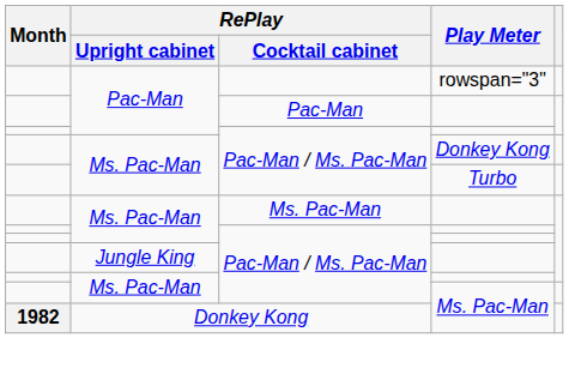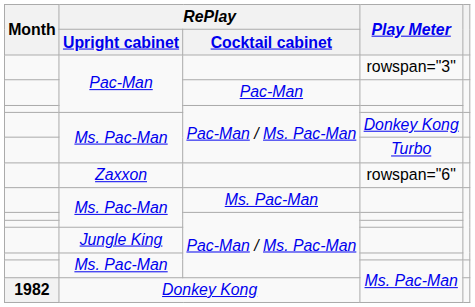 <table class="wikitable sortable" style="text-align:center">
 <tr>
 <th rowspan="2">Month</th>
 <th colspan="2"><em>RePlay</em></th>
 <th rowspan="2"><em><a href='#'>Play Meter</a></em></th>
 <th rowspan="2" class="unsortable"></th>
 </tr>
 <tr>
 <th><a href='#'>Upright cabinet</a></th>
 <th><a href='#'>Cocktail cabinet</a></th>
 </tr>
 <tr>
 <td></td>
 <td rowspan="3"><em><a href='#'>Pac-Man</a></em></td>
 <td></td>
 <td>rowspan="3" </td>
 <td></td>
 </tr>
 <tr>
 <td></td>
 <td><em><a href='#'>Pac-Man</a></em></td>
 <td></td>
 </tr>
 <tr>
 <td></td>
 <td rowspan="3"><em><a href='#'>Pac-Man</a> / <a href='#'>Ms. Pac-Man</a></em></td>
 <td></td>
 </tr>
 <tr>
 <td></td>
 <td rowspan="2"><em><a href='#'>Ms. Pac-Man</a></em></td>
 <td><em><a href='#'>Donkey Kong</a></em></td>
 <td></td>
 </tr>
 <tr>
 <td></td>
 <td><em><a href='#'>Turbo</a></em></td>
 <td></td>
 </tr>
 <tr>
 <td></td>
+<td><em><a href='#'>Zaxxon</a></em></td>
+<td></td>
+<td>rowspan="6" </td>
+<td></td>
+</tr>
+<tr>
+<td></td>
 <td rowspan="3"><em><a href='#'>Ms. Pac-Man</a></em></td>
 <td><em><a href='#'>Ms. Pac-Man</a></em></td>
 <td></td>
 </tr>
 <tr>
 <td></td>
 <td rowspan="5"><em><a href='#'>Pac-Man</a> / <a href='#'>Ms. Pac-Man</a></em></td>
 <td></td>
 </tr>
 <tr>
 <td></td>
 <td></td>
 </tr>
 <tr>
 <td></td>
 <td><em><a href='#'>Jungle King</a></em></td>
 <td></td>
 </tr>
 <tr>
 <td></td>
 <td rowspan="2"><em><a href='#'>Ms. Pac-Man</a></em></td>
 <td></td>
 </tr>
 <tr>
 <td></td>
 <td rowspan="2"><em><a href='#'>Ms. Pac-Man</a></em></td>
 <td></td>
 </tr>
 <tr>
 <th>1982</th>
 <td colspan="2"><em><a href='#'>Donkey Kong</a></em></td>
 <td></td>
 </tr>
 </table>
